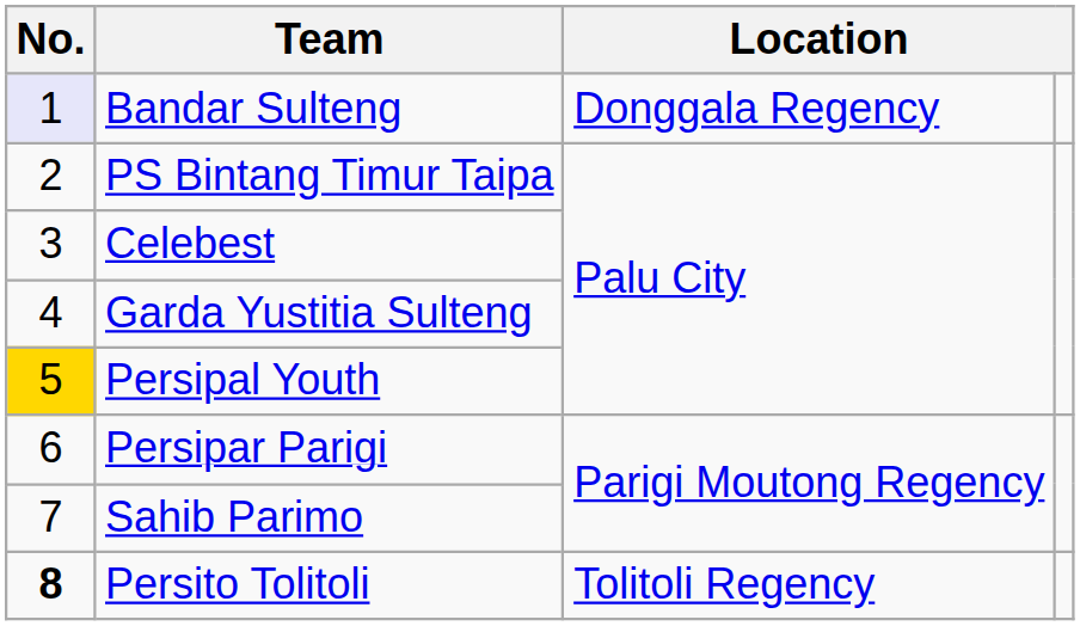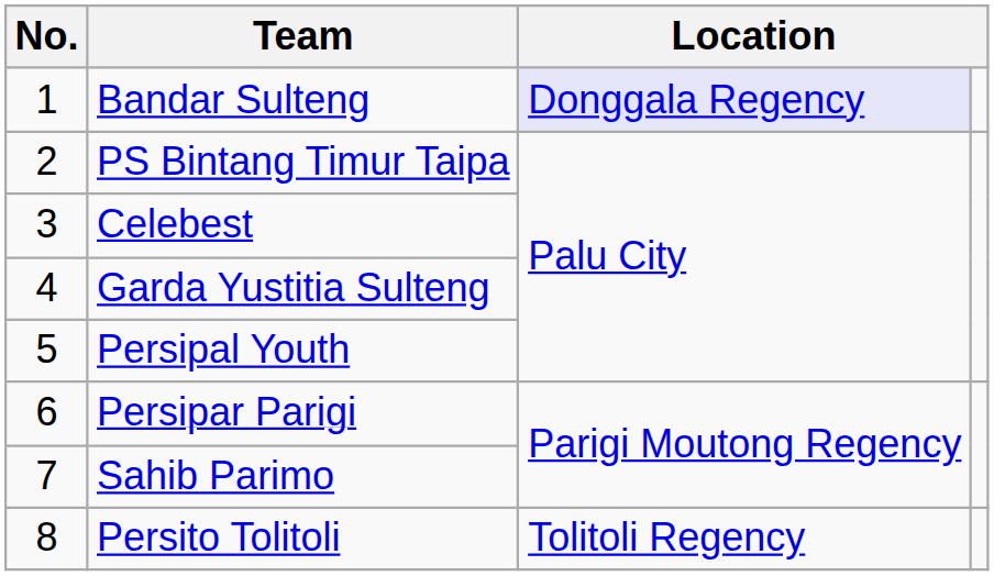 <table class="wikitable">
 <tr>
 <th>No.</th>
 <th>Team</th>
 <th colspan=2>Location</th>
 </tr>
 <tr>
-<td align=center style="background: lavender;">1</td>
+<td align=center>1</td>
 <td><a href='#'>Bandar Sulteng</a></td>
-<td><a href='#'>Donggala Regency</a></td>
+<td style="background: lavender;"><a href='#'>Donggala Regency</a></td>
 <td></td>
 </tr>
 <tr>
 <td align=center>2</td>
 <td><a href='#'>PS Bintang Timur Taipa</a></td>
 <td rowspan=4><a href='#'>Palu City</a></td>
 <td rowspan=4></td>
 </tr>
 <tr>
 <td align=center>3</td>
 <td><a href='#'>Celebest</a></td>
 </tr>
 <tr>
 <td align=center>4</td>
 <td><a href='#'>Garda Yustitia Sulteng</a></td>
 </tr>
 <tr>
-<td align=center style="background: gold;">5</td>
+<td align=center>5</td>
 <td><a href='#'>Persipal Youth</a></td>
 </tr>
 <tr>
 <td align=center>6</td>
 <td><a href='#'>Persipar Parigi</a></td>
 <td rowspan=2><a href='#'>Parigi Moutong Regency</a></td>
 <td rowspan=2></td>
 </tr>
 <tr>
 <td align=center>7</td>
 <td><a href='#'>Sahib Parimo</a></td>
 </tr>
 <tr>
-<td align=center><strong>8</strong></td>
+<td align=center>8</td>
 <td><a href='#'>Persito Tolitoli</a></td>
 <td><a href='#'>Tolitoli Regency</a></td>
 <td></td>
 </tr>
 </table>
